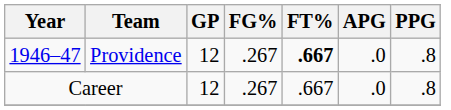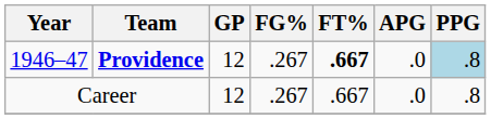 <table class="wikitable sortable" style="font-size:95%; text-align:right;">
 <tr>
 <th>Year</th>
 <th>Team</th>
 <th>GP</th>
 <th>FG%</th>
 <th>FT%</th>
 <th>APG</th>
 <th>PPG</th>
 </tr>
 <tr>
 <td style="text-align:left;"><a href='#'>1946–47</a></td>
-<td style="text-align:left;"><a href='#'>Providence</a></td>
+<td style="text-align:left;"><strong><a href='#'>Providence</a></strong></td>
 <td>12</td>
 <td>.267</td>
 <td><strong>.667</strong></td>
 <td>.0</td>
-<td>.8</td>
+<td style="background: lightblue;">.8</td>
 </tr>
 <tr>
 <td style="text-align:center;" colspan="2">Career</td>
 <td>12</td>
 <td>.267</td>
 <td>.667</td>
 <td>.0</td>
 <td>.8</td>
 </tr>
 <tr>
 </tr>
 </table>
